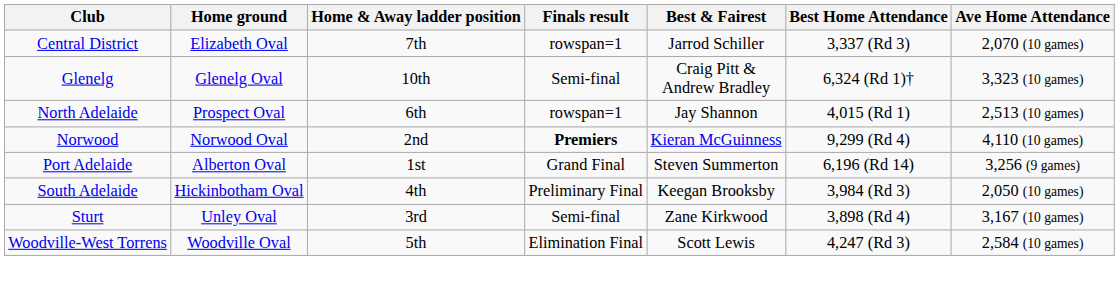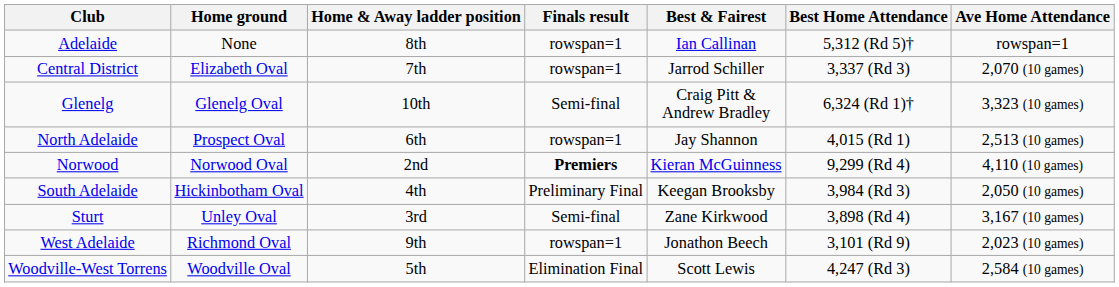 <table class="wikitable sortable">
 <tr align=center>
 <th>Club</th>
 <th>Home ground</th>
 <th>Home & Away ladder position</th>
 <th>Finals result</th>
 <th>Best & Fairest</th>
 <th>Best Home Attendance</th>
 <th>Ave Home Attendance</th>
+</tr>
+<tr align=center>
+<td><a href='#'>Adelaide</a></td>
+<td>None</td>
+<td>8th</td>
+<td>rowspan=1 </td>
+<td><a href='#'>Ian Callinan</a></td>
+<td>5,312 (Rd 5)†</td>
+<td>rowspan=1 </td>
 </tr>
 <tr align=center>
 <td><a href='#'>Central District</a></td>
 <td><a href='#'>Elizabeth Oval</a></td>
 <td>7th</td>
 <td>rowspan=1 </td>
 <td>Jarrod Schiller</td>
 <td>3,337 (Rd 3)</td>
 <td>2,070 <small>(10 games)</small></td>
 </tr>
 <tr align=center>
 <td><a href='#'>Glenelg</a></td>
 <td><a href='#'>Glenelg Oval</a></td>
 <td>10th</td>
 <td>Semi-final</td>
 <td>Craig Pitt & <br> Andrew Bradley</td>
 <td>6,324 (Rd 1)†</td>
 <td>3,323 <small>(10 games)</small></td>
 </tr>
 <tr align=center>
 <td><a href='#'>North Adelaide</a></td>
 <td><a href='#'>Prospect Oval</a></td>
 <td>6th</td>
 <td>rowspan=1 </td>
 <td>Jay Shannon</td>
 <td>4,015 (Rd 1)</td>
 <td>2,513 <small>(10 games)</small></td>
 </tr>
 <tr align=center>
 <td><a href='#'>Norwood</a></td>
 <td><a href='#'>Norwood Oval</a></td>
 <td>2nd</td>
 <td><strong>Premiers</strong></td>
 <td><a href='#'>Kieran McGuinness</a></td>
 <td>9,299 (Rd 4)</td>
 <td>4,110 <small>(10 games)</small></td>
 </tr>
 <tr align=center>
-<td><a href='#'>Port Adelaide</a></td>
-<td><a href='#'>Alberton Oval</a></td>
-<td>1st</td>
-<td>Grand Final</td>
-<td>Steven Summerton</td>
-<td>6,196 (Rd 14)</td>
-<td>3,256 <small>(9 games)</small></td>
-</tr>
-<tr align=center>
 <td><a href='#'>South Adelaide</a></td>
 <td><a href='#'>Hickinbotham Oval</a></td>
 <td>4th</td>
 <td>Preliminary Final</td>
 <td>Keegan Brooksby</td>
 <td>3,984 (Rd 3)</td>
 <td>2,050 <small>(10 games)</small></td>
 </tr>
 <tr align=center>
 <td><a href='#'>Sturt</a></td>
 <td><a href='#'>Unley Oval</a></td>
 <td>3rd</td>
 <td>Semi-final</td>
 <td>Zane Kirkwood</td>
 <td>3,898 (Rd 4)</td>
 <td>3,167 <small>(10 games)</small></td>
 </tr>
 <tr align=center>
+<td><a href='#'>West Adelaide</a></td>
+<td><a href='#'>Richmond Oval</a></td>
+<td>9th</td>
+<td>rowspan=1 </td>
+<td>Jonathon Beech</td>
+<td>3,101 (Rd 9)</td>
+<td>2,023 <small>(10 games)</small></td>
+</tr>
+<tr align=center>
 <td><a href='#'>Woodville-West Torrens</a></td>
 <td><a href='#'>Woodville Oval</a></td>
 <td>5th</td>
 <td>Elimination Final</td>
 <td>Scott Lewis</td>
 <td>4,247 (Rd 3)</td>
 <td>2,584 <small>(10 games)</small></td>
 </tr>
 </table>
